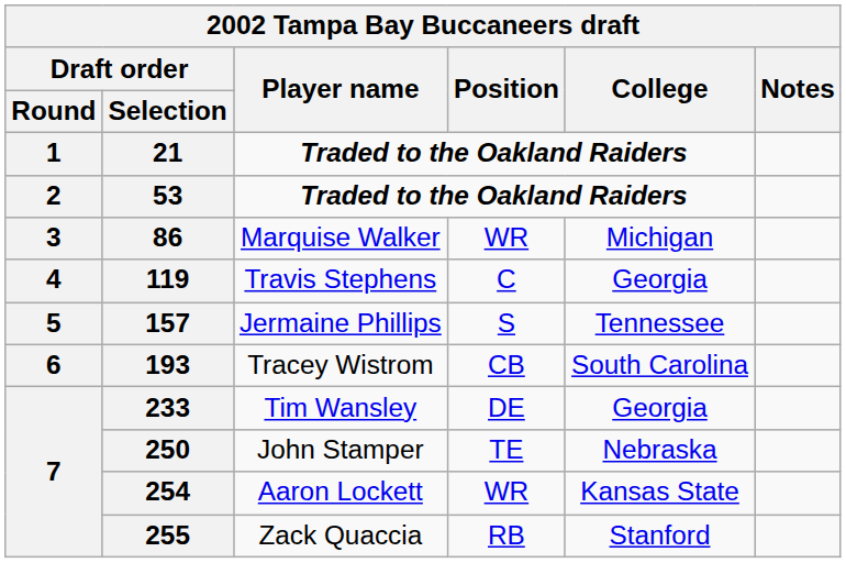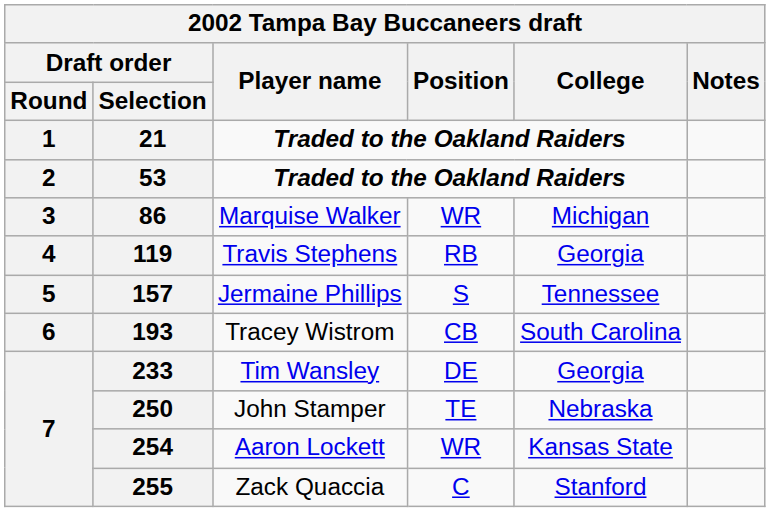 <table class="wikitable" style="text-align:center">
 <tr>
 <th colspan="6">2002 Tampa Bay Buccaneers draft</th>
 </tr>
 <tr>
 <th colspan="2">Draft order</th>
 <th rowspan="2">Player name</th>
 <th rowspan="2">Position</th>
 <th rowspan="2">College</th>
 <th rowspan="2">Notes</th>
 </tr>
 <tr>
 <th>Round</th>
 <th>Selection</th>
 </tr>
 <tr>
 <th>1</th>
 <th>21</th>
 <td colspan="3"><strong><em>Traded to the Oakland Raiders</em></strong></td>
 <td></td>
 </tr>
 <tr>
 <th>2</th>
 <th>53</th>
 <td colspan="3"><strong><em>Traded to the Oakland Raiders</em></strong></td>
 <td></td>
 </tr>
 <tr>
 <th>3</th>
 <th>86</th>
 <td><a href='#'>Marquise Walker</a></td>
 <td><a href='#'>WR</a></td>
 <td><a href='#'>Michigan</a></td>
 <td></td>
 </tr>
 <tr>
 <th>4</th>
 <th>119</th>
 <td><a href='#'>Travis Stephens</a></td>
-<td><a href='#'>C</a></td>
+<td><a href='#'>RB</a></td>
 <td><a href='#'>Georgia</a></td>
 <td></td>
 </tr>
 <tr>
 <th>5</th>
 <th>157</th>
 <td><a href='#'>Jermaine Phillips</a></td>
 <td><a href='#'>S</a></td>
 <td><a href='#'>Tennessee</a></td>
 <td></td>
 </tr>
 <tr>
 <th>6</th>
 <th>193</th>
 <td>Tracey Wistrom</td>
 <td><a href='#'>CB</a></td>
 <td><a href='#'>South Carolina</a></td>
 <td></td>
 </tr>
 <tr>
 <th rowspan="4">7</th>
 <th>233</th>
 <td><a href='#'>Tim Wansley</a></td>
 <td><a href='#'>DE</a></td>
 <td><a href='#'>Georgia</a></td>
 <td></td>
 </tr>
 <tr>
 <th>250</th>
 <td>John Stamper</td>
 <td><a href='#'>TE</a></td>
 <td><a href='#'>Nebraska</a></td>
 <td></td>
 </tr>
 <tr>
 <th>254</th>
 <td><a href='#'>Aaron Lockett</a></td>
 <td><a href='#'>WR</a></td>
 <td><a href='#'>Kansas State</a></td>
 <td></td>
 </tr>
 <tr>
 <th>255</th>
 <td>Zack Quaccia</td>
-<td><a href='#'>RB</a></td>
+<td><a href='#'>C</a></td>
 <td><a href='#'>Stanford</a></td>
 <td></td>
 </tr>
 </table>
